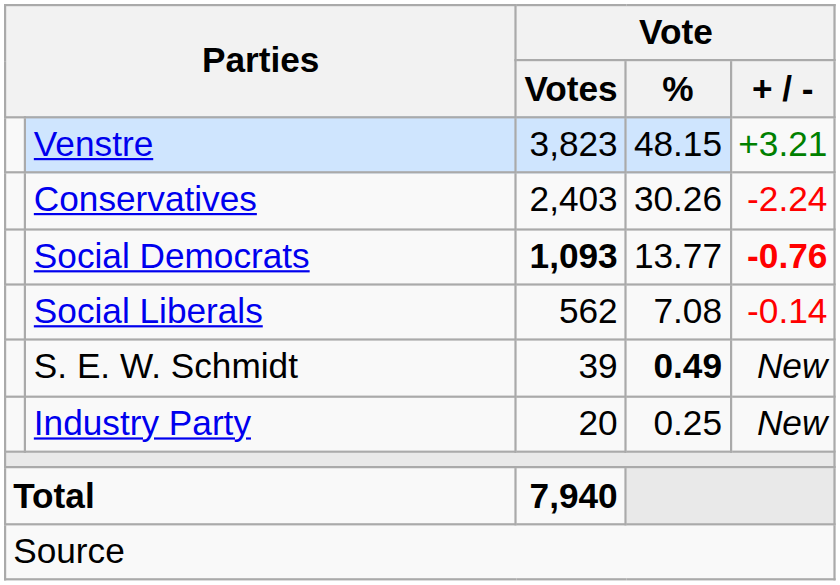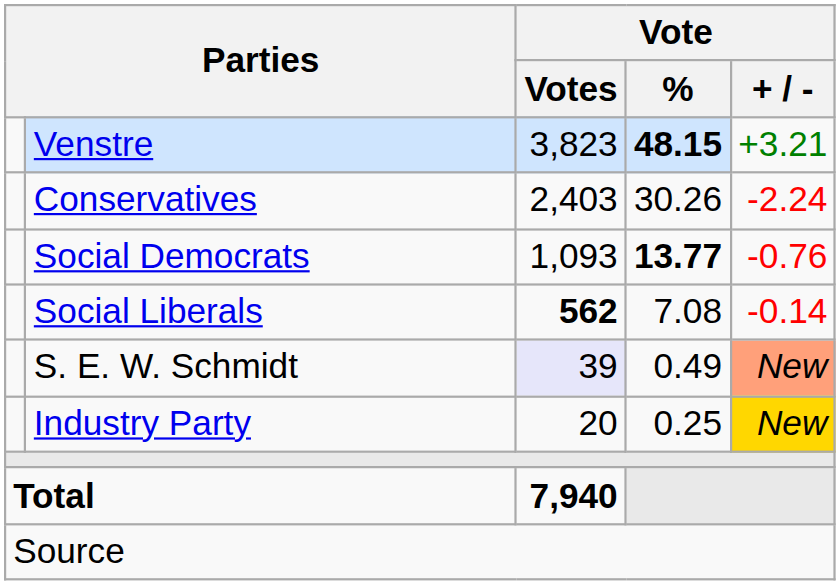 <table class="wikitable" style="text-align:right;">
 <tr>
 <th style="text-align:centre;" rowspan="2" colspan="2" width="225">Parties</th>
 <th colspan="3">Vote</th>
 </tr>
 <tr>
 <th width="15">Votes</th>
 <th width="15">%</th>
 <th width="15">+ / -</th>
 </tr>
 <tr>
 <td width="2" style="color:inherit;background:"></td>
 <td bgcolor=#cfe5fe  align="left"><a href='#'>Venstre</a></td>
 <td bgcolor=#cfe5fe>3,823</td>
-<td bgcolor=#cfe5fe>48.15</td>
+<td bgcolor=#cfe5fe><strong>48.15</strong></td>
 <td style=color:green;>+3.21</td>
 </tr>
 <tr>
 <td width="2" style="color:inherit;background:"></td>
 <td align="left"><a href='#'>Conservatives</a></td>
 <td>2,403</td>
 <td>30.26</td>
 <td style=color:red;>-2.24</td>
 </tr>
 <tr>
 <td width="2" style="color:inherit;background:"></td>
 <td align="left"><a href='#'>Social Democrats</a></td>
-<td><strong>1,093</strong></td>
-<td>13.77</td>
-<td style=color:red;><strong>-0.76</strong></td>
+<td>1,093</td>
+<td><strong>13.77</strong></td>
+<td style=color:red;>-0.76</td>
 </tr>
 <tr>
 <td width="2" style="color:inherit;background:"></td>
 <td align="left"><a href='#'>Social Liberals</a></td>
-<td>562</td>
+<td><strong>562</strong></td>
 <td>7.08</td>
 <td style=color:red;>-0.14</td>
 </tr>
 <tr>
 <td width="2" style="color:inherit;background:"></td>
 <td align="left">S. E. W. Schmidt</td>
-<td>39</td>
-<td><strong>0.49</strong></td>
-<td><em>New</em></td>
+<td style="background: lavender;">39</td>
+<td>0.49</td>
+<td style="background: lightsalmon;"><em>New</em></td>
 </tr>
 <tr>
 <td width="2" style="color:inherit;background:"></td>
 <td align="left"><a href='#'>Industry Party</a></td>
 <td>20</td>
 <td>0.25</td>
-<td><em>New</em></td>
+<td style="background: gold;"><em>New</em></td>
 </tr>
 <tr>
 <td colspan="7" bgcolor="#E9E9E9"></td>
 </tr>
 <tr>
 <td align="left" colspan="2"><strong>Total</strong></td>
 <td><strong>7,940</strong></td>
 <td bgcolor="#E9E9E9" colspan="2"></td>
 </tr>
 <tr>
 <td align="left" colspan="6">Source</td>
 </tr>
 </table>
